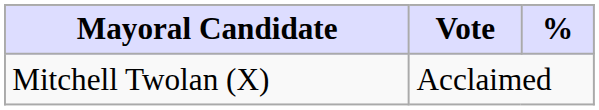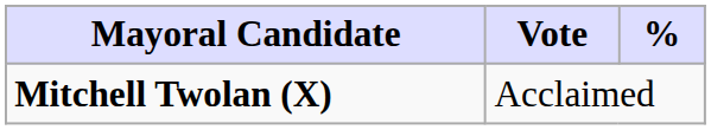 <table class="wikitable">
 <tr>
 <th style="background:#ddf; width:200px;">Mayoral Candidate </th>
 <th style="background:#ddf; width:50px;">Vote</th>
 <th style="background:#ddf; width:30px;">%</th>
 </tr>
 <tr>
-<td>Mitchell Twolan (X)</td>
+<td><strong>Mitchell Twolan (X)</strong></td>
 <td colspan="2">Acclaimed</td>
 </tr>
 </table>
